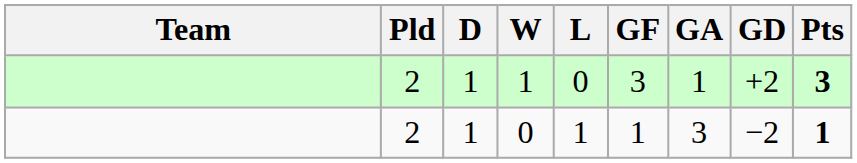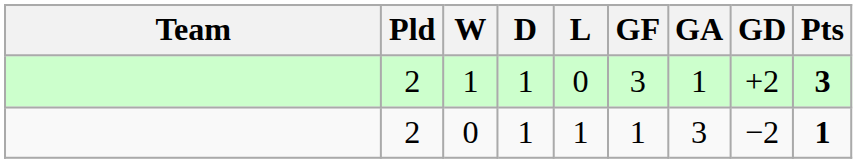 <table class="wikitable" style="text-align:center;">
 <tr>
 <th width=180>Team</th>
 <th width=20>Pld</th>
+<th width=20>W</th>
 <th width=20>D</th>
-<th width=20>W</th>
 <th width=20>L</th>
 <th width=20>GF</th>
 <th width=20>GA</th>
 <th width=20>GD</th>
 <th width=20>Pts</th>
 </tr>
 <tr bgcolor="ccffcc">
 <td align="left"></td>
 <td>2</td>
 <td>1</td>
 <td>1</td>
 <td>0</td>
 <td>3</td>
 <td>1</td>
 <td>+2</td>
 <td><strong>3</strong></td>
 </tr>
 <tr>
 <td align="left"></td>
 <td>2</td>
+<td>0</td>
 <td>1</td>
-<td>0</td>
 <td>1</td>
 <td>1</td>
 <td>3</td>
 <td>−2</td>
 <td><strong>1</strong></td>
 </tr>
 </table>
